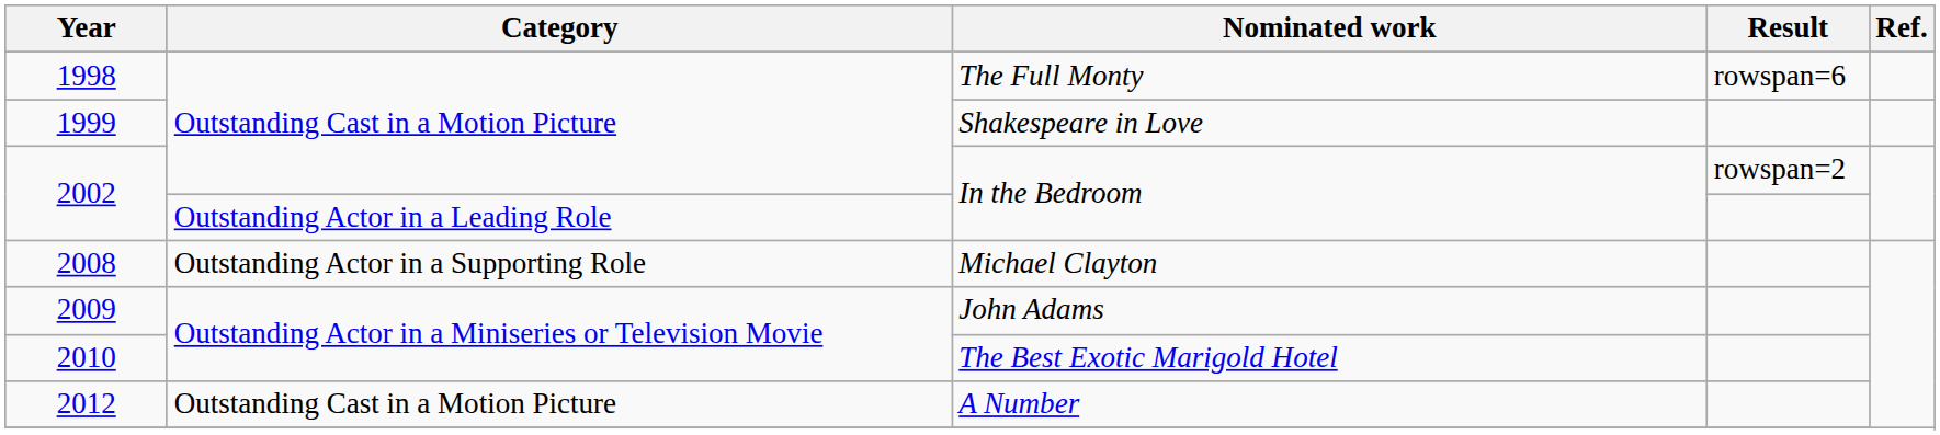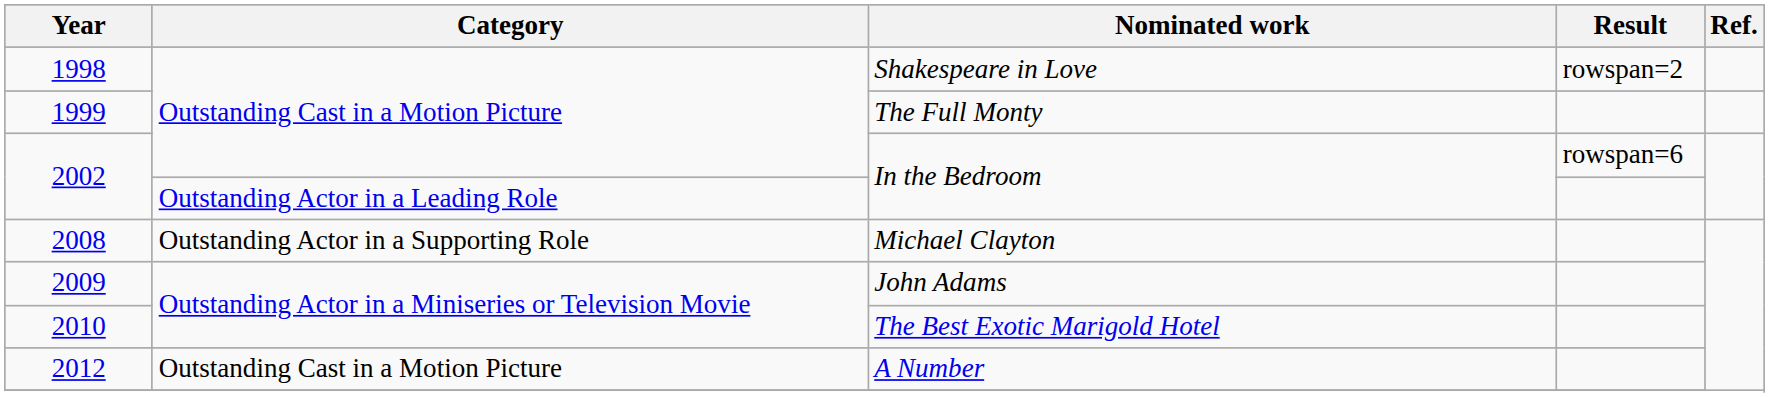 <table class=wikitable>
 <tr>
 <th scope="col" style="width:5em;">Year</th>
 <th scope="col" style="width:26em;">Category</th>
 <th scope="col" style="width:25em;">Nominated work</th>
 <th scope="col" style="width:5em;">Result</th>
 <th>Ref.</th>
 </tr>
 <tr>
 <td style="text-align:center;"><a href='#'>1998</a></td>
 <td rowspan=3><a href='#'>Outstanding Cast in a Motion Picture</a></td>
-<td><em>The Full Monty</em></td>
-<td>rowspan=6   </td>
+<td><em>Shakespeare in Love</em></td>
+<td>rowspan=2  </td>
 <td></td>
 </tr>
 <tr>
 <td style="text-align:center;"><a href='#'>1999</a></td>
-<td><em>Shakespeare in Love</em></td>
+<td><em>The Full Monty</em></td>
 <td></td>
 </tr>
 <tr>
 <td style="text-align:center;", rowspan=2><a href='#'>2002</a></td>
 <td rowspan=2><em>In the Bedroom</em></td>
-<td>rowspan=2  </td>
+<td>rowspan=6   </td>
 <td rowspan=2></td>
 </tr>
 <tr>
 <td><a href='#'>Outstanding Actor in a Leading Role</a></td>
 </tr>
 <tr>
 <td style="text-align:center;"><a href='#'>2008</a></td>
 <td>Outstanding Actor in a Supporting Role</td>
 <td><em>Michael Clayton</em></td>
 <td></td>
 </tr>
 <tr>
 <td style="text-align:center;"><a href='#'>2009</a></td>
 <td rowspan=2><a href='#'>Outstanding Actor in a Miniseries or Television Movie</a></td>
 <td><em>John Adams</em></td>
 <td></td>
 </tr>
 <tr>
 <td style="text-align:center;"><a href='#'>2010</a></td>
 <td><em><a href='#'>The Best Exotic Marigold Hotel</a></em></td>
 <td></td>
 </tr>
 <tr>
 <td style="text-align:center;"><a href='#'>2012</a></td>
 <td>Outstanding Cast in a Motion Picture</td>
 <td><em><a href='#'>A Number</a></em></td>
 <td></td>
 </tr>
 <tr>
 </tr>
 </table>
